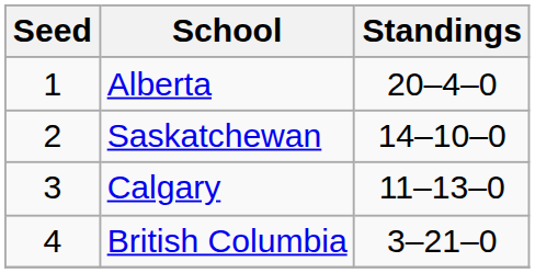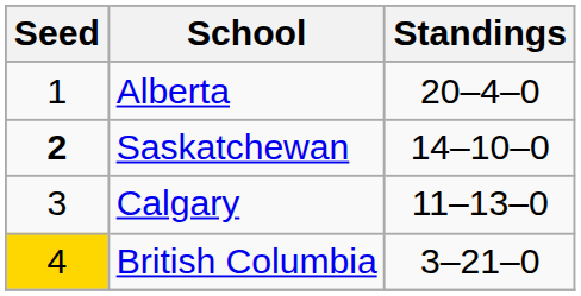 <table class="wikitable">
 <tr>
 <th>Seed</th>
 <th>School</th>
 <th>Standings</th>
 </tr>
 <tr>
 <td align=center>1</td>
 <td><a href='#'>Alberta</a></td>
 <td align=center>20–4–0</td>
 </tr>
 <tr>
-<td align=center>2</td>
+<td align=center><strong>2</strong></td>
 <td><a href='#'>Saskatchewan</a></td>
 <td align=center>14–10–0</td>
 </tr>
 <tr>
 <td align=center>3</td>
 <td><a href='#'>Calgary</a></td>
 <td align=center>11–13–0</td>
 </tr>
 <tr>
-<td align=center>4</td>
+<td align=center style="background: gold;">4</td>
 <td><a href='#'>British Columbia</a></td>
 <td align=center>3–21–0</td>
 </tr>
 <tr>
 </tr>
 </table>
